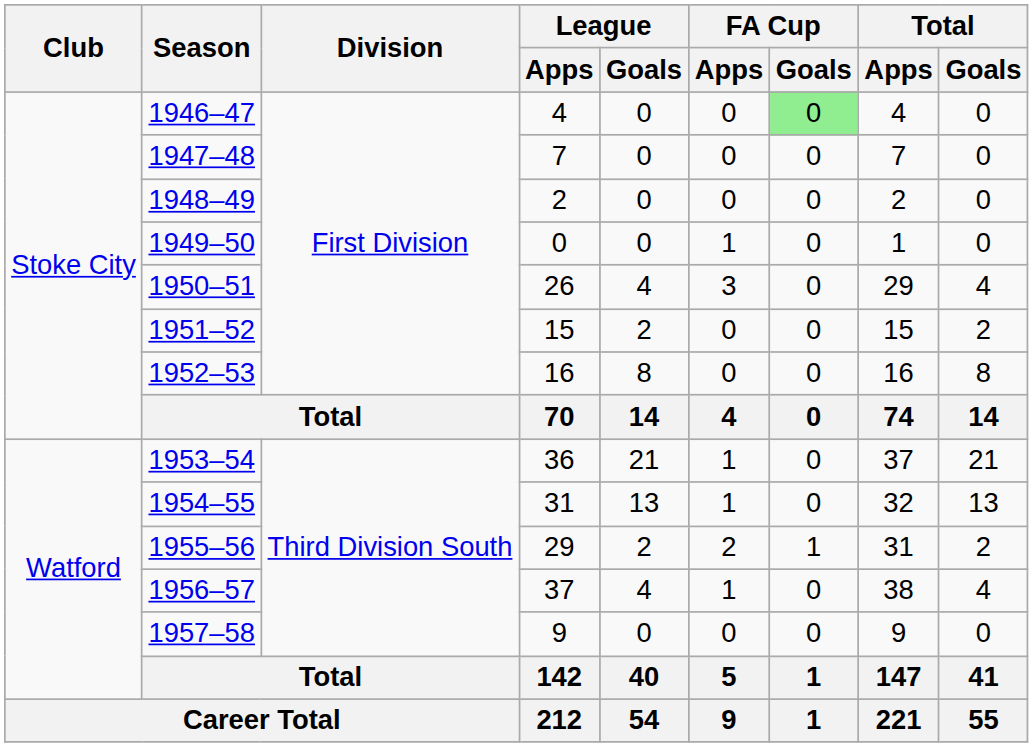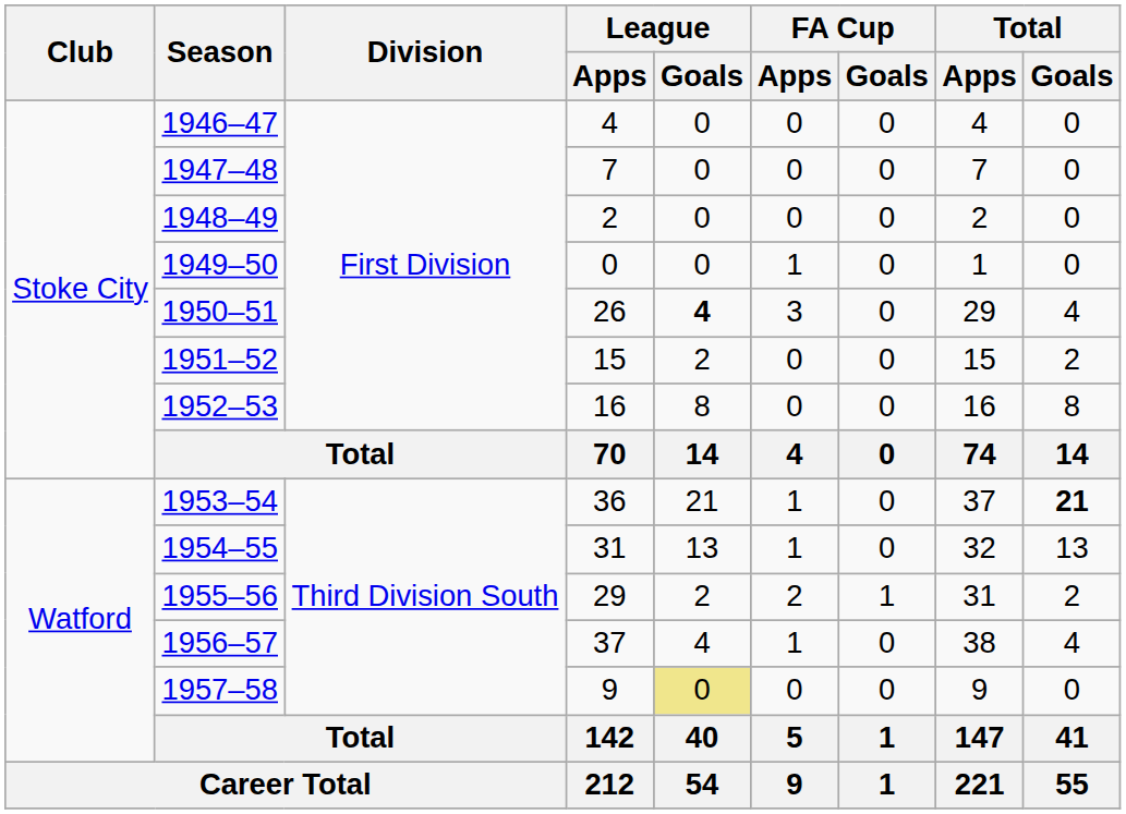 <table class="wikitable" style="text-align: center;">
 <tr>
 <th rowspan="2">Club</th>
 <th rowspan="2">Season</th>
 <th rowspan="2">Division</th>
 <th colspan="2">League</th>
 <th colspan="2">FA Cup</th>
 <th colspan="2">Total</th>
 </tr>
 <tr>
 <th>Apps</th>
 <th>Goals</th>
 <th>Apps</th>
 <th>Goals</th>
 <th>Apps</th>
 <th>Goals</th>
 </tr>
 <tr>
 <td rowspan="8"><a href='#'>Stoke City</a></td>
 <td><a href='#'>1946–47</a></td>
 <td rowspan="7"><a href='#'>First Division</a></td>
 <td>4</td>
 <td>0</td>
 <td>0</td>
-<td style="background: lightgreen;">0</td>
+<td>0</td>
 <td>4</td>
 <td>0</td>
 </tr>
 <tr>
 <td><a href='#'>1947–48</a></td>
 <td>7</td>
 <td>0</td>
 <td>0</td>
 <td>0</td>
 <td>7</td>
 <td>0</td>
 </tr>
 <tr>
 <td><a href='#'>1948–49</a></td>
 <td>2</td>
 <td>0</td>
 <td>0</td>
 <td>0</td>
 <td>2</td>
 <td>0</td>
 </tr>
 <tr>
 <td><a href='#'>1949–50</a></td>
 <td>0</td>
 <td>0</td>
 <td>1</td>
 <td>0</td>
 <td>1</td>
 <td>0</td>
 </tr>
 <tr>
 <td><a href='#'>1950–51</a></td>
 <td>26</td>
-<td>4</td>
+<td><strong>4</strong></td>
 <td>3</td>
 <td>0</td>
 <td>29</td>
 <td>4</td>
 </tr>
 <tr>
 <td><a href='#'>1951–52</a></td>
 <td>15</td>
 <td>2</td>
 <td>0</td>
 <td>0</td>
 <td>15</td>
 <td>2</td>
 </tr>
 <tr>
 <td><a href='#'>1952–53</a></td>
 <td>16</td>
 <td>8</td>
 <td>0</td>
 <td>0</td>
 <td>16</td>
 <td>8</td>
 </tr>
 <tr>
 <th colspan="2">Total</th>
 <th>70</th>
 <th>14</th>
 <th>4</th>
 <th>0</th>
 <th>74</th>
 <th>14</th>
 </tr>
 <tr>
 <td rowspan="6"><a href='#'>Watford</a></td>
 <td><a href='#'>1953–54</a></td>
 <td rowspan="5"><a href='#'>Third Division South</a></td>
 <td>36</td>
 <td>21</td>
 <td>1</td>
 <td>0</td>
 <td>37</td>
-<td>21</td>
+<td><strong>21</strong></td>
 </tr>
 <tr>
 <td><a href='#'>1954–55</a></td>
 <td>31</td>
 <td>13</td>
 <td>1</td>
 <td>0</td>
 <td>32</td>
 <td>13</td>
 </tr>
 <tr>
 <td><a href='#'>1955–56</a></td>
 <td>29</td>
 <td>2</td>
 <td>2</td>
 <td>1</td>
 <td>31</td>
 <td>2</td>
 </tr>
 <tr>
 <td><a href='#'>1956–57</a></td>
 <td>37</td>
 <td>4</td>
 <td>1</td>
 <td>0</td>
 <td>38</td>
 <td>4</td>
 </tr>
 <tr>
 <td><a href='#'>1957–58</a></td>
 <td>9</td>
-<td>0</td>
+<td style="background: khaki;">0</td>
 <td>0</td>
 <td>0</td>
 <td>9</td>
 <td>0</td>
 </tr>
 <tr>
 <th colspan="2">Total</th>
 <th>142</th>
 <th>40</th>
 <th>5</th>
 <th>1</th>
 <th>147</th>
 <th>41</th>
 </tr>
 <tr>
 <th colspan="3">Career Total</th>
 <th>212</th>
 <th>54</th>
 <th>9</th>
 <th>1</th>
 <th>221</th>
 <th>55</th>
 </tr>
 </table>
